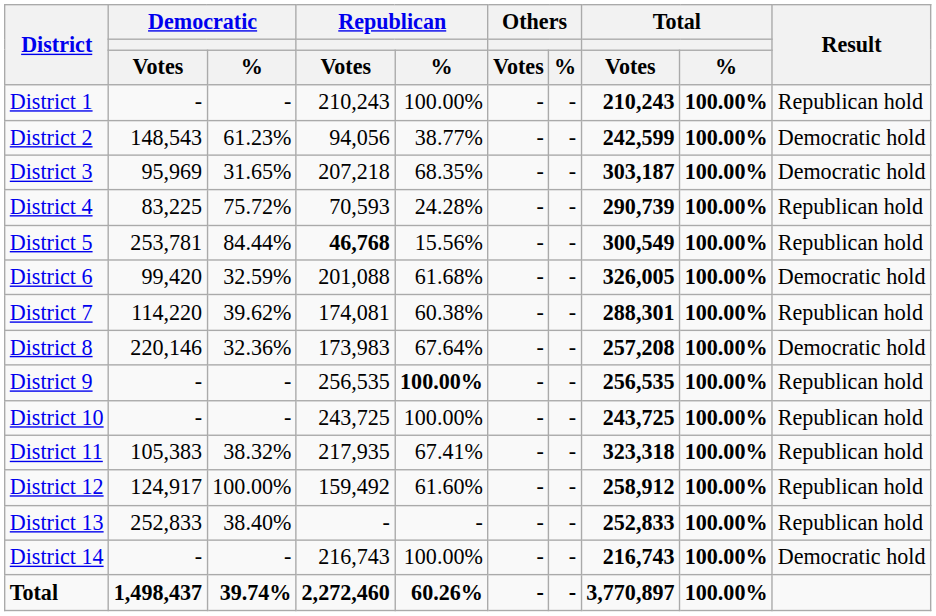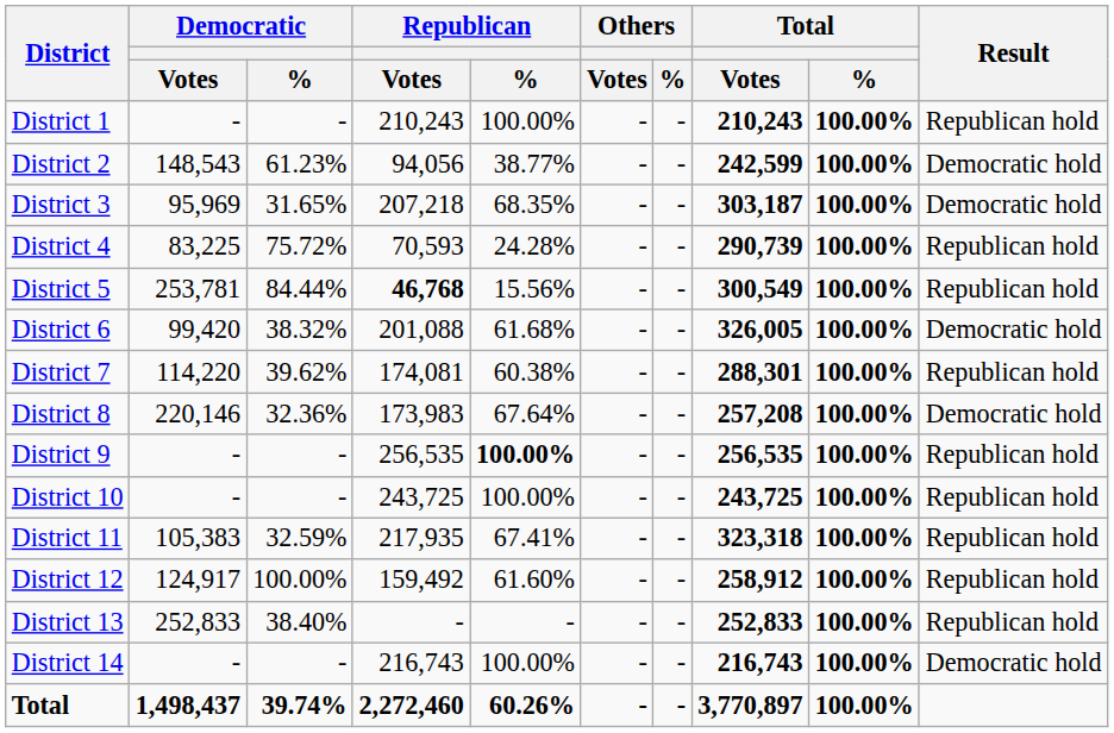 <table class="wikitable plainrowheaders sortable" style="font-size:100%; text-align:right;">
 <tr>
 <th scope=col rowspan=3><a href='#'>District</a></th>
 <th scope=col colspan=2><a href='#'>Democratic</a></th>
 <th scope=col colspan=2><a href='#'>Republican</a></th>
 <th scope=col colspan=2>Others</th>
 <th scope=col colspan=2>Total</th>
 <th scope=col rowspan=3>Result</th>
 </tr>
 <tr>
 <th scope=col colspan=2 style="background:"></th>
 <th scope=col colspan=2 style="background:"></th>
 <th scope=col colspan=2></th>
 <th scope=col colspan=2></th>
 </tr>
 <tr>
 <th scope=col data-sort-type="number">Votes</th>
 <th scope=col data-sort-type="number">%</th>
 <th scope=col data-sort-type="number">Votes</th>
 <th scope=col data-sort-type="number">%</th>
 <th scope=col data-sort-type="number">Votes</th>
 <th scope=col data-sort-type="number">%</th>
 <th scope=col data-sort-type="number">Votes</th>
 <th scope=col data-sort-type="number">%</th>
 </tr>
 <tr>
 <td align=left><a href='#'>District 1</a></td>
 <td>-</td>
 <td>-</td>
 <td>210,243</td>
 <td>100.00%</td>
 <td>-</td>
 <td>-</td>
 <td><strong>210,243</strong></td>
 <td><strong>100.00%</strong></td>
 <td align=left>Republican hold</td>
 </tr>
 <tr>
 <td align=left><a href='#'>District 2</a></td>
 <td>148,543</td>
 <td>61.23%</td>
 <td>94,056</td>
 <td>38.77%</td>
 <td>-</td>
 <td>-</td>
 <td><strong>242,599</strong></td>
 <td><strong>100.00%</strong></td>
 <td align=left>Democratic hold</td>
 </tr>
 <tr>
 <td align=left><a href='#'>District 3</a></td>
 <td>95,969</td>
 <td>31.65%</td>
 <td>207,218</td>
 <td>68.35%</td>
 <td>-</td>
 <td>-</td>
 <td><strong>303,187</strong></td>
 <td><strong>100.00%</strong></td>
 <td align=left>Democratic hold</td>
 </tr>
 <tr>
 <td align=left><a href='#'>District 4</a></td>
 <td>83,225</td>
 <td>75.72%</td>
 <td>70,593</td>
 <td>24.28%</td>
 <td>-</td>
 <td>-</td>
 <td><strong>290,739</strong></td>
 <td><strong>100.00%</strong></td>
 <td align=left>Republican hold</td>
 </tr>
 <tr>
 <td align=left><a href='#'>District 5</a></td>
 <td>253,781</td>
 <td>84.44%</td>
 <td><strong>46,768</strong></td>
 <td>15.56%</td>
 <td>-</td>
 <td>-</td>
 <td><strong>300,549</strong></td>
 <td><strong>100.00%</strong></td>
 <td align=left>Republican hold</td>
 </tr>
 <tr>
 <td align=left><a href='#'>District 6</a></td>
 <td>99,420</td>
-<td>32.59%</td>
+<td>38.32%</td>
 <td>201,088</td>
 <td>61.68%</td>
 <td>-</td>
 <td>-</td>
 <td><strong>326,005</strong></td>
 <td><strong>100.00%</strong></td>
 <td align=left>Democratic hold</td>
 </tr>
 <tr>
 <td align=left><a href='#'>District 7</a></td>
 <td>114,220</td>
 <td>39.62%</td>
 <td>174,081</td>
 <td>60.38%</td>
 <td>-</td>
 <td>-</td>
 <td><strong>288,301</strong></td>
 <td><strong>100.00%</strong></td>
 <td align=left>Republican hold</td>
 </tr>
 <tr>
 <td align=left><a href='#'>District 8</a></td>
 <td>220,146</td>
 <td>32.36%</td>
 <td>173,983</td>
 <td>67.64%</td>
 <td>-</td>
 <td>-</td>
 <td><strong>257,208</strong></td>
 <td><strong>100.00%</strong></td>
 <td align=left>Democratic hold</td>
 </tr>
 <tr>
 <td align=left><a href='#'>District 9</a></td>
 <td>-</td>
 <td>-</td>
 <td>256,535</td>
 <td><strong>100.00%</strong></td>
 <td>-</td>
 <td>-</td>
 <td><strong>256,535</strong></td>
 <td><strong>100.00%</strong></td>
 <td align=left>Republican hold</td>
 </tr>
 <tr>
 <td align=left><a href='#'>District 10</a></td>
 <td>-</td>
 <td>-</td>
 <td>243,725</td>
 <td>100.00%</td>
 <td>-</td>
 <td>-</td>
 <td><strong>243,725</strong></td>
 <td><strong>100.00%</strong></td>
 <td align=left>Republican hold</td>
 </tr>
 <tr>
 <td align=left><a href='#'>District 11</a></td>
 <td>105,383</td>
-<td>38.32%</td>
+<td>32.59%</td>
 <td>217,935</td>
 <td>67.41%</td>
 <td>-</td>
 <td>-</td>
 <td><strong>323,318</strong></td>
 <td><strong>100.00%</strong></td>
 <td align=left>Republican hold</td>
 </tr>
 <tr>
 <td align=left><a href='#'>District 12</a></td>
 <td>124,917</td>
 <td>100.00%</td>
 <td>159,492</td>
 <td>61.60%</td>
 <td>-</td>
 <td>-</td>
 <td><strong>258,912</strong></td>
 <td><strong>100.00%</strong></td>
 <td align=left>Republican hold</td>
 </tr>
 <tr>
 <td align=left><a href='#'>District 13</a></td>
 <td>252,833</td>
 <td>38.40%</td>
 <td>-</td>
 <td>-</td>
 <td>-</td>
 <td>-</td>
 <td><strong>252,833</strong></td>
 <td><strong>100.00%</strong></td>
 <td align=left>Republican hold</td>
 </tr>
 <tr>
 <td align=left><a href='#'>District 14</a></td>
 <td>-</td>
 <td>-</td>
 <td>216,743</td>
 <td>100.00%</td>
 <td>-</td>
 <td>-</td>
 <td><strong>216,743</strong></td>
 <td><strong>100.00%</strong></td>
 <td align=left>Democratic hold</td>
 </tr>
 <tr class="sortbottom" style="font-weight:bold">
 <td align=left>Total</td>
 <td>1,498,437</td>
 <td>39.74%</td>
 <td>2,272,460</td>
 <td>60.26%</td>
 <td>-</td>
 <td>-</td>
 <td>3,770,897</td>
 <td>100.00%</td>
 <td></td>
 </tr>
 </table>
